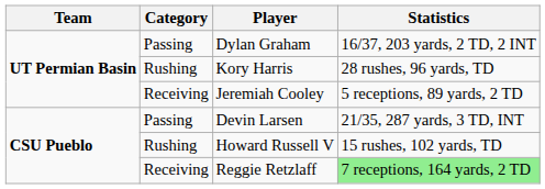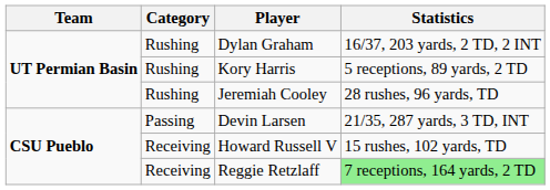 <table class="wikitable" style="float: right;">
 <tr>
 <th>Team</th>
 <th>Category</th>
 <th>Player</th>
 <th>Statistics</th>
 </tr>
 <tr>
 <td rowspan=3><strong>UT Permian Basin</strong></td>
-<td>Passing</td>
+<td>Rushing</td>
 <td>Dylan Graham</td>
 <td>16/37, 203 yards, 2 TD, 2 INT</td>
 </tr>
 <tr>
 <td>Rushing</td>
 <td>Kory Harris</td>
-<td>28 rushes, 96 yards, TD</td>
+<td>5 receptions, 89 yards, 2 TD</td>
 </tr>
 <tr>
-<td>Receiving</td>
+<td>Rushing</td>
 <td>Jeremiah Cooley</td>
-<td>5 receptions, 89 yards, 2 TD</td>
+<td>28 rushes, 96 yards, TD</td>
 </tr>
 <tr>
 <td rowspan=3><strong>CSU Pueblo</strong></td>
 <td>Passing</td>
 <td>Devin Larsen</td>
 <td>21/35, 287 yards, 3 TD, INT</td>
 </tr>
 <tr>
-<td>Rushing</td>
+<td>Receiving</td>
 <td>Howard Russell V</td>
 <td>15 rushes, 102 yards, TD</td>
 </tr>
 <tr>
 <td>Receiving</td>
 <td>Reggie Retzlaff</td>
 <td style="background: lightgreen;">7 receptions, 164 yards, 2 TD</td>
 </tr>
 </table>
